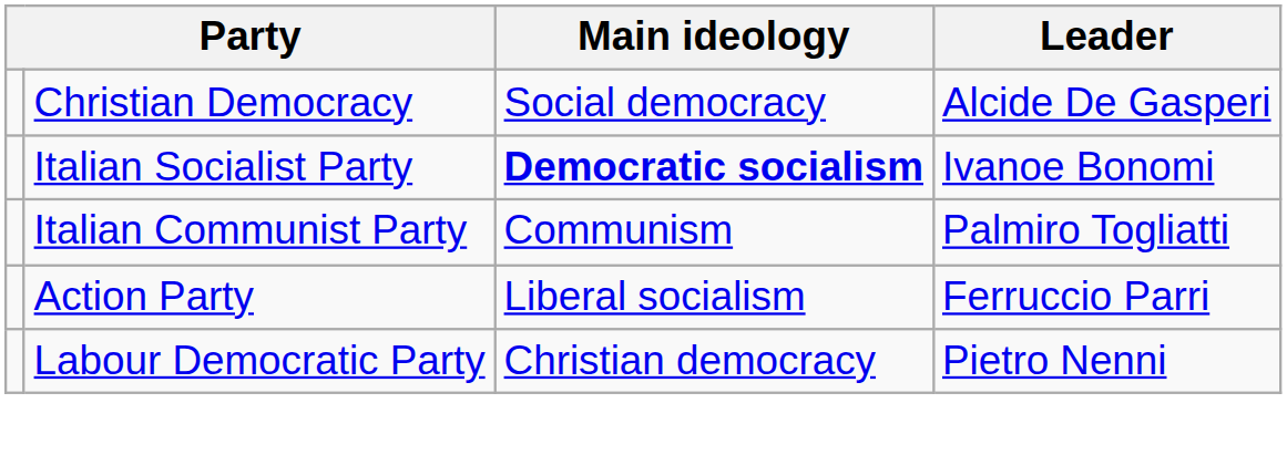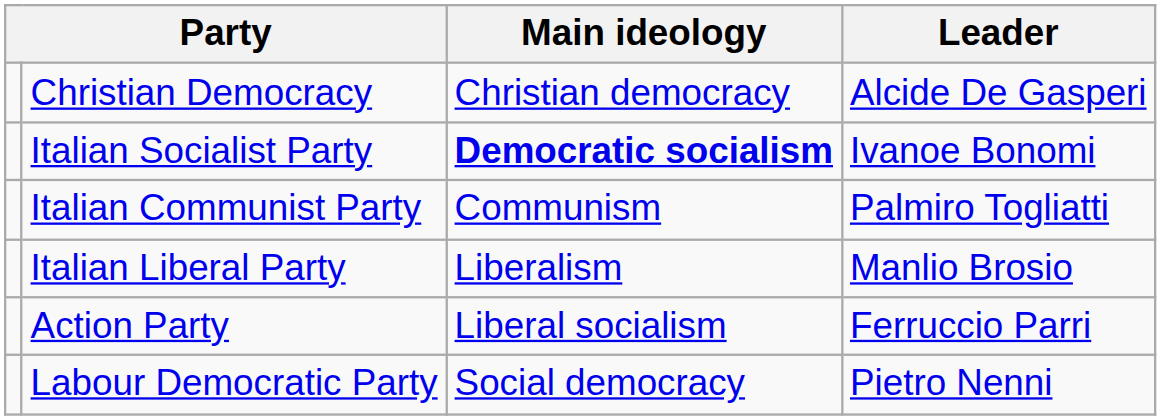 <table class="wikitable" style="font-size:100%">
 <tr>
 <th colspan=2>Party</th>
 <th>Main ideology</th>
 <th>Leader</th>
 </tr>
 <tr>
 <td></td>
 <td><a href='#'>Christian Democracy</a></td>
-<td><a href='#'>Social democracy</a></td>
+<td><a href='#'>Christian democracy</a></td>
 <td><a href='#'>Alcide De Gasperi</a></td>
 </tr>
 <tr>
 <td></td>
 <td><a href='#'>Italian Socialist Party</a></td>
 <td><strong><a href='#'>Democratic socialism</a></strong></td>
 <td><a href='#'>Ivanoe Bonomi</a></td>
 </tr>
 <tr>
 <td></td>
 <td><a href='#'>Italian Communist Party</a></td>
 <td><a href='#'>Communism</a></td>
 <td><a href='#'>Palmiro Togliatti</a></td>
 </tr>
 <tr>
 <td></td>
+<td><a href='#'>Italian Liberal Party</a></td>
+<td><a href='#'>Liberalism</a></td>
+<td><a href='#'>Manlio Brosio</a></td>
+</tr>
+<tr>
+<td></td>
 <td><a href='#'>Action Party</a></td>
 <td><a href='#'>Liberal socialism</a></td>
 <td><a href='#'>Ferruccio Parri</a></td>
 </tr>
 <tr>
 <td></td>
 <td><a href='#'>Labour Democratic Party</a></td>
-<td><a href='#'>Christian democracy</a></td>
+<td><a href='#'>Social democracy</a></td>
 <td><a href='#'>Pietro Nenni</a></td>
 </tr>
 </table>
